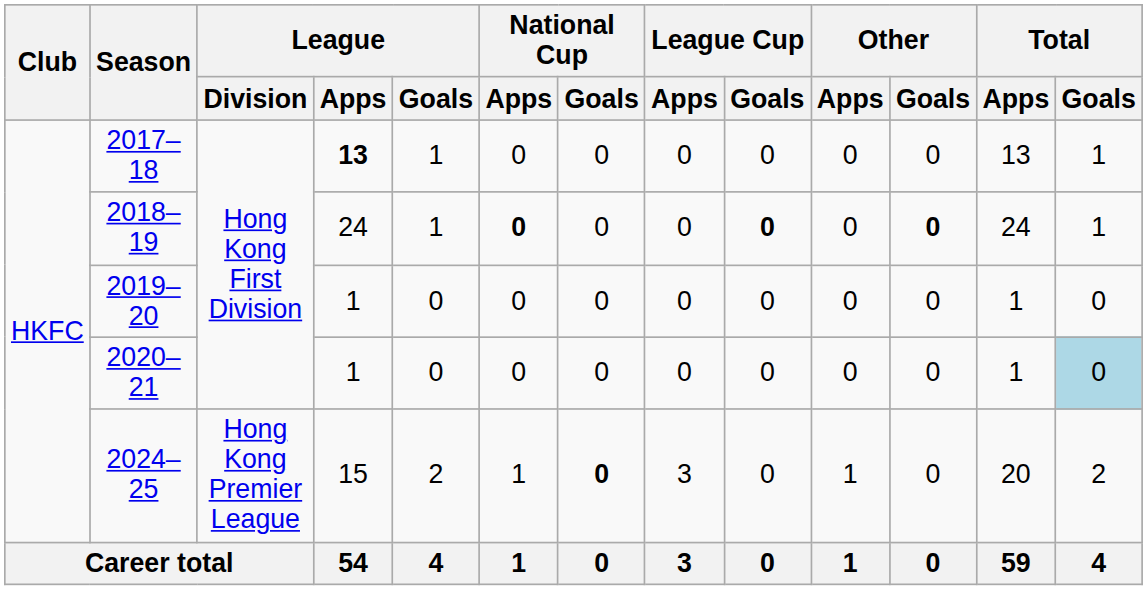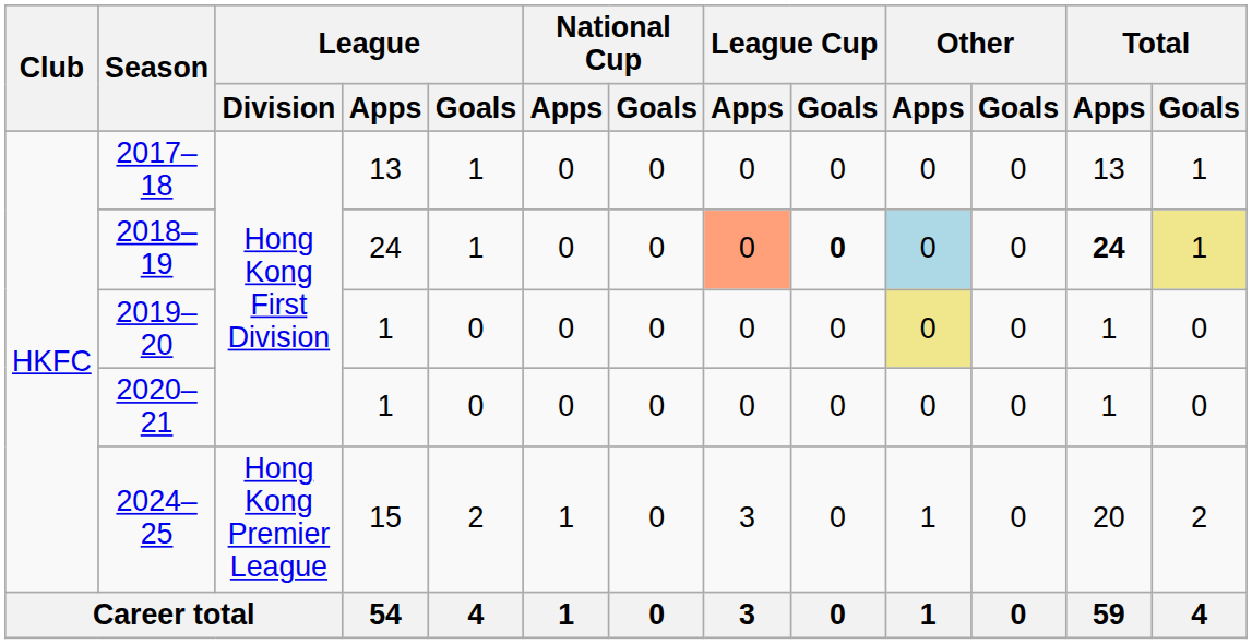 <table class="wikitable" style="text-align: center">
 <tr>
 <th rowspan="2">Club</th>
 <th rowspan="2">Season</th>
 <th colspan="3">League</th>
 <th colspan="2">National Cup</th>
 <th colspan="2">League Cup</th>
 <th colspan="2">Other</th>
 <th colspan="2">Total</th>
 </tr>
 <tr>
 <th>Division</th>
 <th>Apps</th>
 <th>Goals</th>
 <th>Apps</th>
 <th>Goals</th>
 <th>Apps</th>
 <th>Goals</th>
 <th>Apps</th>
 <th>Goals</th>
 <th>Apps</th>
 <th>Goals</th>
 </tr>
 <tr>
 <td rowspan="5"><a href='#'>HKFC</a></td>
 <td><a href='#'>2017–18</a></td>
 <td rowspan="4"><a href='#'>Hong Kong First Division</a></td>
-<td><strong>13</strong></td>
+<td>13</td>
 <td>1</td>
 <td>0</td>
 <td>0</td>
 <td>0</td>
 <td>0</td>
 <td>0</td>
 <td>0</td>
 <td>13</td>
 <td>1</td>
 </tr>
 <tr>
 <td><a href='#'>2018–19</a></td>
 <td>24</td>
 <td>1</td>
-<td><strong>0</strong></td>
 <td>0</td>
 <td>0</td>
+<td style="background: lightsalmon;">0</td>
 <td><strong>0</strong></td>
+<td style="background: lightblue;">0</td>
 <td>0</td>
-<td><strong>0</strong></td>
-<td>24</td>
-<td>1</td>
+<td><strong>24</strong></td>
+<td style="background: khaki;">1</td>
 </tr>
 <tr>
 <td><a href='#'>2019–20</a></td>
 <td>1</td>
 <td>0</td>
 <td>0</td>
 <td>0</td>
 <td>0</td>
 <td>0</td>
-<td>0</td>
+<td style="background: khaki;">0</td>
 <td>0</td>
 <td>1</td>
 <td>0</td>
 </tr>
 <tr>
 <td><a href='#'>2020–21</a></td>
 <td>1</td>
 <td>0</td>
 <td>0</td>
 <td>0</td>
 <td>0</td>
 <td>0</td>
 <td>0</td>
 <td>0</td>
 <td>1</td>
-<td style="background: lightblue;">0</td>
+<td>0</td>
 </tr>
 <tr>
 <td><a href='#'>2024–25</a></td>
 <td><a href='#'>Hong Kong Premier League</a></td>
 <td>15</td>
 <td>2</td>
 <td>1</td>
-<td><strong>0</strong></td>
+<td>0</td>
 <td>3</td>
 <td>0</td>
 <td>1</td>
 <td>0</td>
 <td>20</td>
 <td>2</td>
 </tr>
 <tr>
 <th colspan="3">Career total</th>
 <th>54</th>
 <th>4</th>
 <th>1</th>
 <th>0</th>
 <th>3</th>
 <th>0</th>
 <th>1</th>
 <th>0</th>
 <th>59</th>
 <th>4</th>
 </tr>
 </table>
